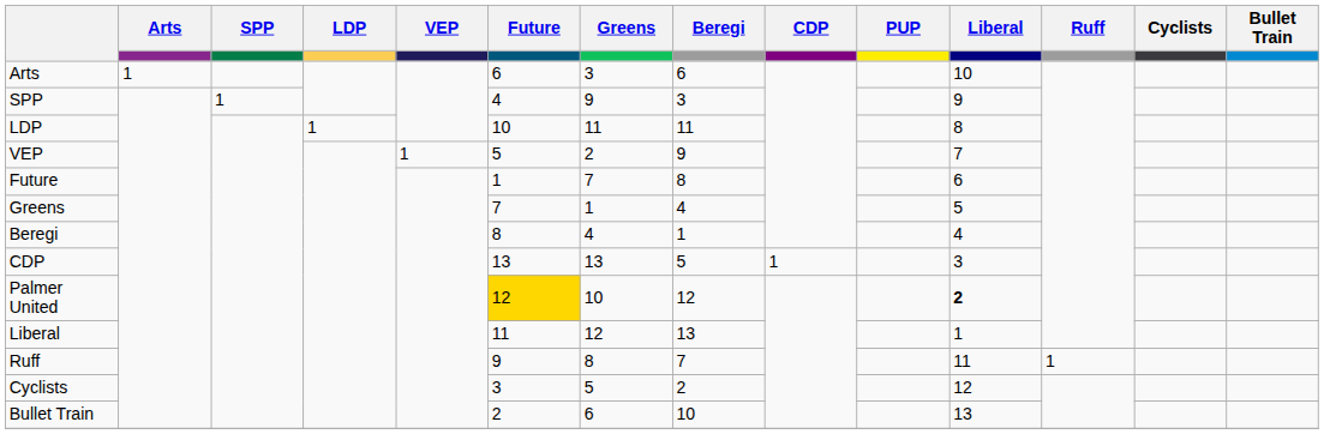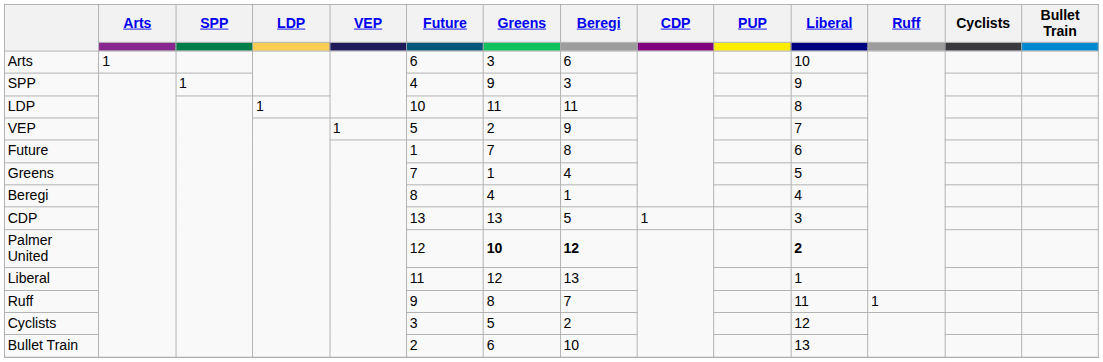 <table class="wikitable">
 <tr>
 <th width="100px" rowspan="2"></th>
 <th width="80px" !><a href='#'>Arts</a></th>
 <th width="80px" !><a href='#'>SPP</a></th>
 <th width="80px" !><a href='#'>LDP</a></th>
 <th width="80px" !><a href='#'>VEP</a></th>
 <th width="80px" !><a href='#'>Future</a></th>
 <th width="80px" !><a href='#'>Greens</a></th>
 <th width="80px" !><a href='#'>Beregi</a></th>
 <th width="80px" !><a href='#'>CDP</a></th>
 <th width="80px" !><a href='#'>PUP</a></th>
 <th width="80px" !><a href='#'>Liberal</a></th>
 <th width="80px" !><a href='#'>Ruff</a></th>
 <th width="80px" !>Cyclists</th>
 <th width="80px" !>Bullet Train</th>
 </tr>
 <tr>
 <th style="height:2px; background:#87268D;"></th>
 <th style="background:#047E49;"></th>
 <th style="background:#FCCD53;"></th>
 <th style="background:#201B5B;"></th>
 <th style="background:#00587D;"></th>
 <th style="background:#10c25b;"></th>
 <th style="background:#9C9C9C;"></th>
 <th style="background:#800080;"></th>
 <th style="background:#FFED00;"></th>
 <th style="background:#000080;"></th>
 <th style="background:#9c9c9c;"></th>
 <th style="background:#3A3A3E;"></th>
 <th style="background:#0089D0;"></th>
 </tr>
 <tr>
 <td>Arts</td>
 <td>1</td>
 <td></td>
 <td rowspan="2"></td>
 <td rowspan="3"></td>
 <td>6</td>
 <td>3</td>
 <td>6</td>
 <td rowspan="7"></td>
 <td></td>
 <td>10</td>
 <td rowspan="10"></td>
 <td></td>
 <td></td>
 </tr>
 <tr>
 <td>SPP</td>
 <td rowspan="12"></td>
 <td>1</td>
 <td>4</td>
 <td>9</td>
 <td>3</td>
 <td></td>
 <td>9</td>
 <td></td>
 <td></td>
 </tr>
 <tr>
 <td>LDP</td>
 <td rowspan="11"></td>
 <td>1</td>
 <td>10</td>
 <td>11</td>
 <td>11</td>
 <td></td>
 <td>8</td>
 <td></td>
 <td></td>
 </tr>
 <tr>
 <td>VEP</td>
 <td rowspan="10"></td>
 <td>1</td>
 <td>5</td>
 <td>2</td>
 <td>9</td>
 <td></td>
 <td>7</td>
 <td></td>
 <td></td>
 </tr>
 <tr>
 <td>Future</td>
 <td rowspan="9"></td>
 <td>1</td>
 <td>7</td>
 <td>8</td>
 <td></td>
 <td>6</td>
 <td></td>
 <td></td>
 </tr>
 <tr>
 <td>Greens</td>
 <td>7</td>
 <td>1</td>
 <td>4</td>
 <td></td>
 <td>5</td>
 <td></td>
 <td></td>
 </tr>
 <tr>
 <td>Beregi</td>
 <td>8</td>
 <td>4</td>
 <td>1</td>
 <td></td>
 <td>4</td>
 <td></td>
 <td></td>
 </tr>
 <tr>
 <td>CDP</td>
 <td>13</td>
 <td>13</td>
 <td>5</td>
 <td>1</td>
 <td></td>
 <td>3</td>
 <td></td>
 <td></td>
 </tr>
 <tr>
 <td>Palmer United</td>
-<td style="background: gold;">12</td>
-<td>10</td>
 <td>12</td>
+<td><strong>10</strong></td>
+<td><strong>12</strong></td>
 <td rowspan="5"></td>
 <td></td>
 <td><strong>2</strong></td>
 <td></td>
 <td></td>
 </tr>
 <tr>
 <td>Liberal</td>
 <td>11</td>
 <td>12</td>
 <td>13</td>
 <td></td>
 <td>1</td>
 <td></td>
 <td></td>
 </tr>
 <tr>
 <td>Ruff</td>
 <td>9</td>
 <td>8</td>
 <td>7</td>
 <td></td>
 <td>11</td>
 <td>1</td>
 <td></td>
 <td></td>
 </tr>
 <tr>
 <td>Cyclists</td>
 <td>3</td>
 <td>5</td>
 <td>2</td>
 <td></td>
 <td>12</td>
 <td rowspan="2"></td>
 <td></td>
 <td></td>
 </tr>
 <tr>
 <td>Bullet Train</td>
 <td>2</td>
 <td>6</td>
 <td>10</td>
 <td></td>
 <td>13</td>
 <td></td>
 <td></td>
 </tr>
 <tr>
 </tr>
 </table>
